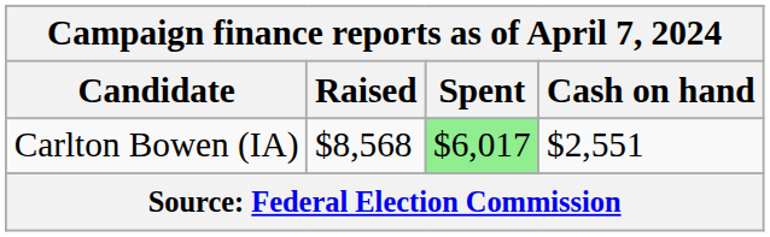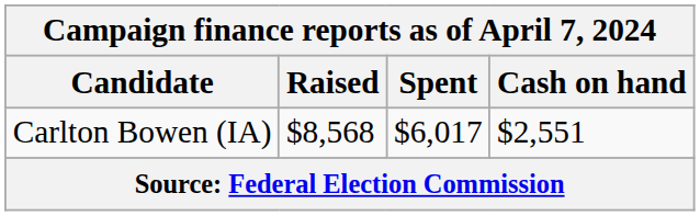 <table class="wikitable sortable">
 <tr>
 <th colspan=4>Campaign finance reports as of April 7, 2024</th>
 </tr>
 <tr style="text-align:center;">
 <th>Candidate</th>
 <th>Raised</th>
 <th>Spent</th>
 <th>Cash on hand</th>
 </tr>
 <tr>
 <td>Carlton Bowen (IA)</td>
 <td>$8,568</td>
-<td style="background: lightgreen;">$6,017</td>
+<td>$6,017</td>
 <td>$2,551</td>
 </tr>
 <tr>
 <th colspan="4"><small>Source: <a href='#'>Federal Election Commission</a></small></th>
 </tr>
 </table>
